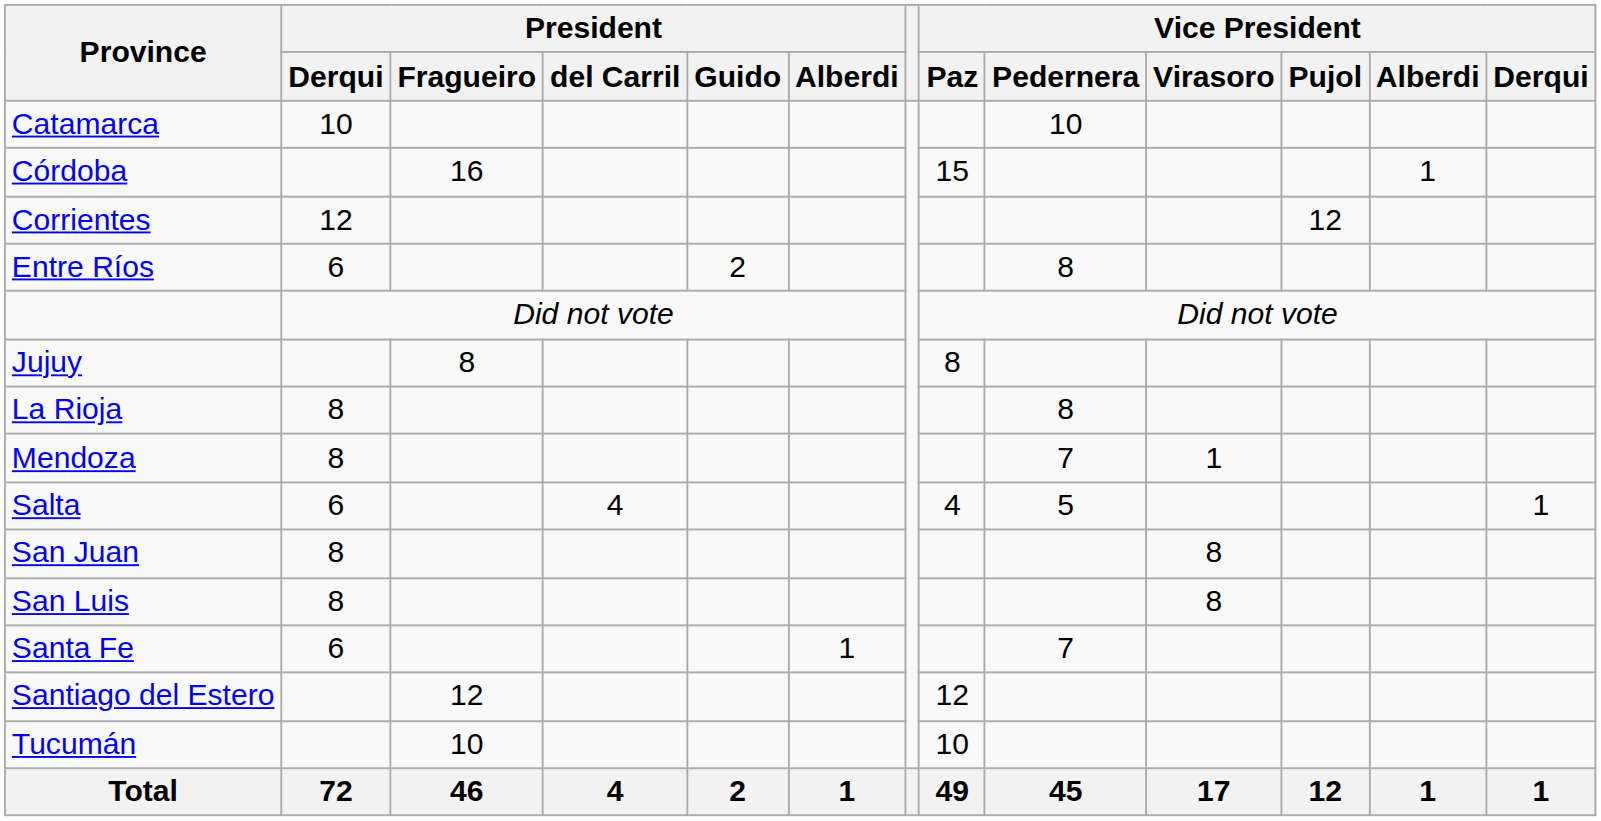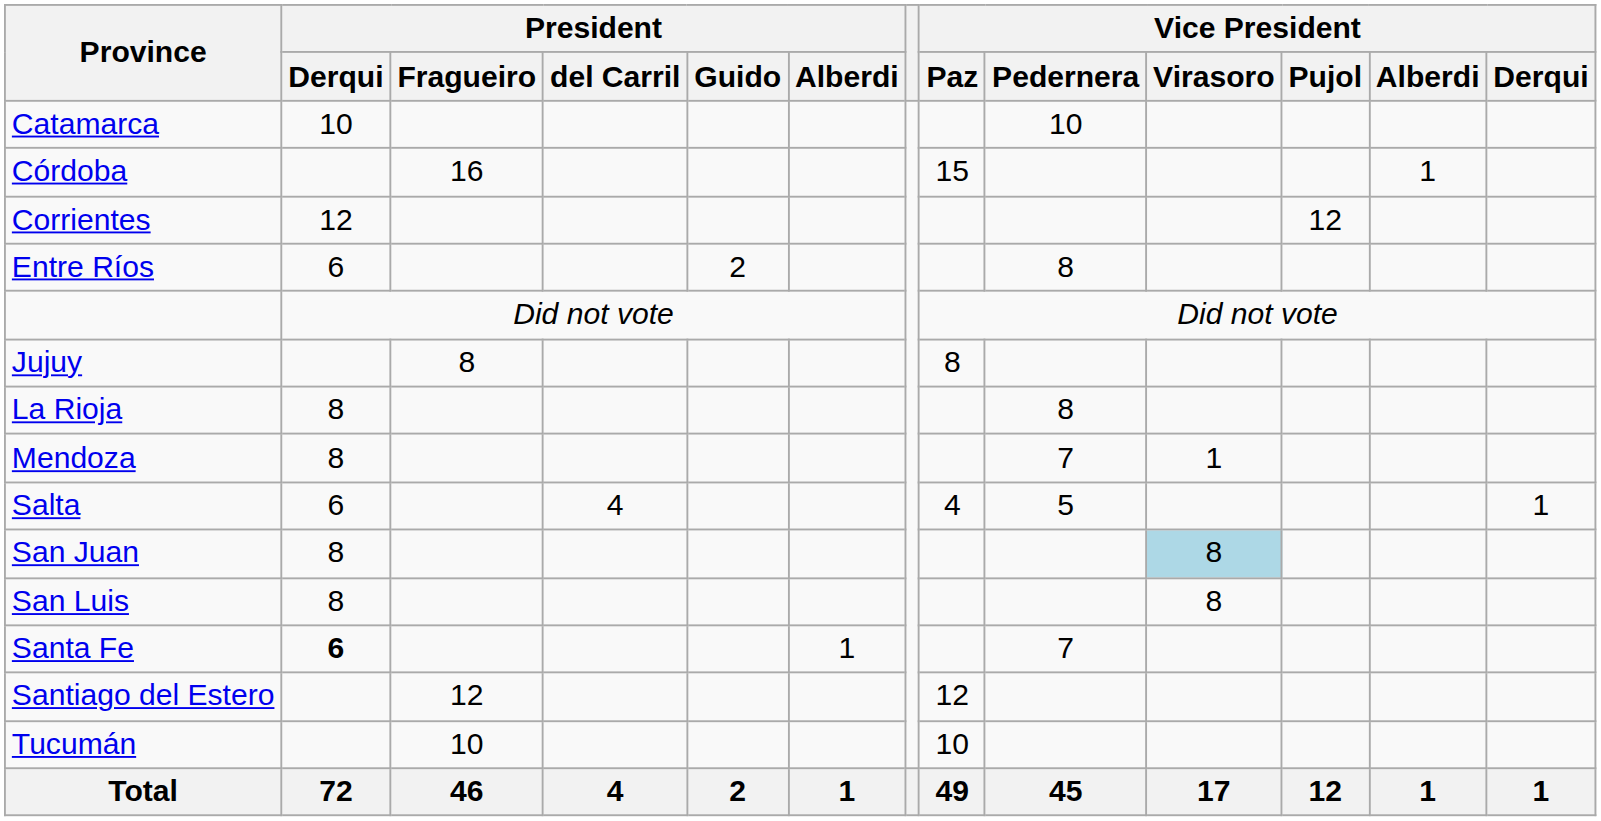 <table class="wikitable" style="text-align:center;">
 <tr>
 <th rowspan=2>Province</th>
 <th colspan=5>President</th>
 <th rowspan=2></th>
 <th colspan=6>Vice President</th>
 </tr>
 <tr>
 <th>Derqui</th>
 <th>Fragueiro</th>
 <th>del Carril</th>
 <th>Guido</th>
 <th>Alberdi</th>
 <th>Paz</th>
 <th>Pedernera</th>
 <th>Virasoro</th>
 <th>Pujol</th>
 <th>Alberdi</th>
 <th>Derqui</th>
 </tr>
 <tr>
 <td align="left"><a href='#'>Catamarca</a></td>
 <td>10</td>
 <td></td>
 <td></td>
 <td></td>
 <td></td>
 <td rowspan=14></td>
 <td></td>
 <td>10</td>
 <td></td>
 <td></td>
 <td></td>
 <td></td>
 </tr>
 <tr>
 <td align="left"><a href='#'>Córdoba</a></td>
 <td></td>
 <td>16</td>
 <td></td>
 <td></td>
 <td></td>
 <td>15</td>
 <td></td>
 <td></td>
 <td></td>
 <td>1</td>
 <td></td>
 </tr>
 <tr>
 <td align="left"><a href='#'>Corrientes</a></td>
 <td>12</td>
 <td></td>
 <td></td>
 <td></td>
 <td></td>
 <td></td>
 <td></td>
 <td></td>
 <td>12</td>
 <td></td>
 <td></td>
 </tr>
 <tr>
 <td align="left"><a href='#'>Entre Ríos</a></td>
 <td>6</td>
 <td></td>
 <td></td>
 <td>2</td>
 <td></td>
 <td></td>
 <td>8</td>
 <td></td>
 <td></td>
 <td></td>
 <td></td>
 </tr>
 <tr>
 <td align="left"></td>
 <td colspan=5><em>Did not vote</em></td>
 <td colspan=6><em>Did not vote</em></td>
 </tr>
 <tr>
 <td align="left"><a href='#'>Jujuy</a></td>
 <td></td>
 <td>8</td>
 <td></td>
 <td></td>
 <td></td>
 <td>8</td>
 <td></td>
 <td></td>
 <td></td>
 <td></td>
 <td></td>
 </tr>
 <tr>
 <td align="left"><a href='#'>La Rioja</a></td>
 <td>8</td>
 <td></td>
 <td></td>
 <td></td>
 <td></td>
 <td></td>
 <td>8</td>
 <td></td>
 <td></td>
 <td></td>
 <td></td>
 </tr>
 <tr>
 <td align="left"><a href='#'>Mendoza</a></td>
 <td>8</td>
 <td></td>
 <td></td>
 <td></td>
 <td></td>
 <td></td>
 <td>7</td>
 <td>1</td>
 <td></td>
 <td></td>
 <td></td>
 </tr>
 <tr>
 <td align="left"><a href='#'>Salta</a></td>
 <td>6</td>
 <td></td>
 <td>4</td>
 <td></td>
 <td></td>
 <td>4</td>
 <td>5</td>
 <td></td>
 <td></td>
 <td></td>
 <td>1</td>
 </tr>
 <tr>
 <td align="left"><a href='#'>San Juan</a></td>
 <td>8</td>
 <td></td>
 <td></td>
 <td></td>
 <td></td>
 <td></td>
 <td></td>
-<td>8</td>
+<td style="background: lightblue;">8</td>
 <td></td>
 <td></td>
 <td></td>
 </tr>
 <tr>
 <td align="left"><a href='#'>San Luis</a></td>
 <td>8</td>
 <td></td>
 <td></td>
 <td></td>
 <td></td>
 <td></td>
 <td></td>
 <td>8</td>
 <td></td>
 <td></td>
 <td></td>
 </tr>
 <tr>
 <td align="left"><a href='#'>Santa Fe</a></td>
-<td>6</td>
+<td><strong>6</strong></td>
 <td></td>
 <td></td>
 <td></td>
 <td>1</td>
 <td></td>
 <td>7</td>
 <td></td>
 <td></td>
 <td></td>
 <td></td>
 </tr>
 <tr>
 <td align="left"><a href='#'>Santiago del Estero</a></td>
 <td></td>
 <td>12</td>
 <td></td>
 <td></td>
 <td></td>
 <td>12</td>
 <td></td>
 <td></td>
 <td></td>
 <td></td>
 <td></td>
 </tr>
 <tr>
 <td align="left"><a href='#'>Tucumán</a></td>
 <td></td>
 <td>10</td>
 <td></td>
 <td></td>
 <td></td>
 <td>10</td>
 <td></td>
 <td></td>
 <td></td>
 <td></td>
 <td></td>
 </tr>
 <tr>
 <th>Total</th>
 <th>72</th>
 <th>46</th>
 <th>4</th>
 <th>2</th>
 <th>1</th>
 <th></th>
 <th>49</th>
 <th>45</th>
 <th>17</th>
 <th>12</th>
 <th>1</th>
 <th>1</th>
 </tr>
 </table>
